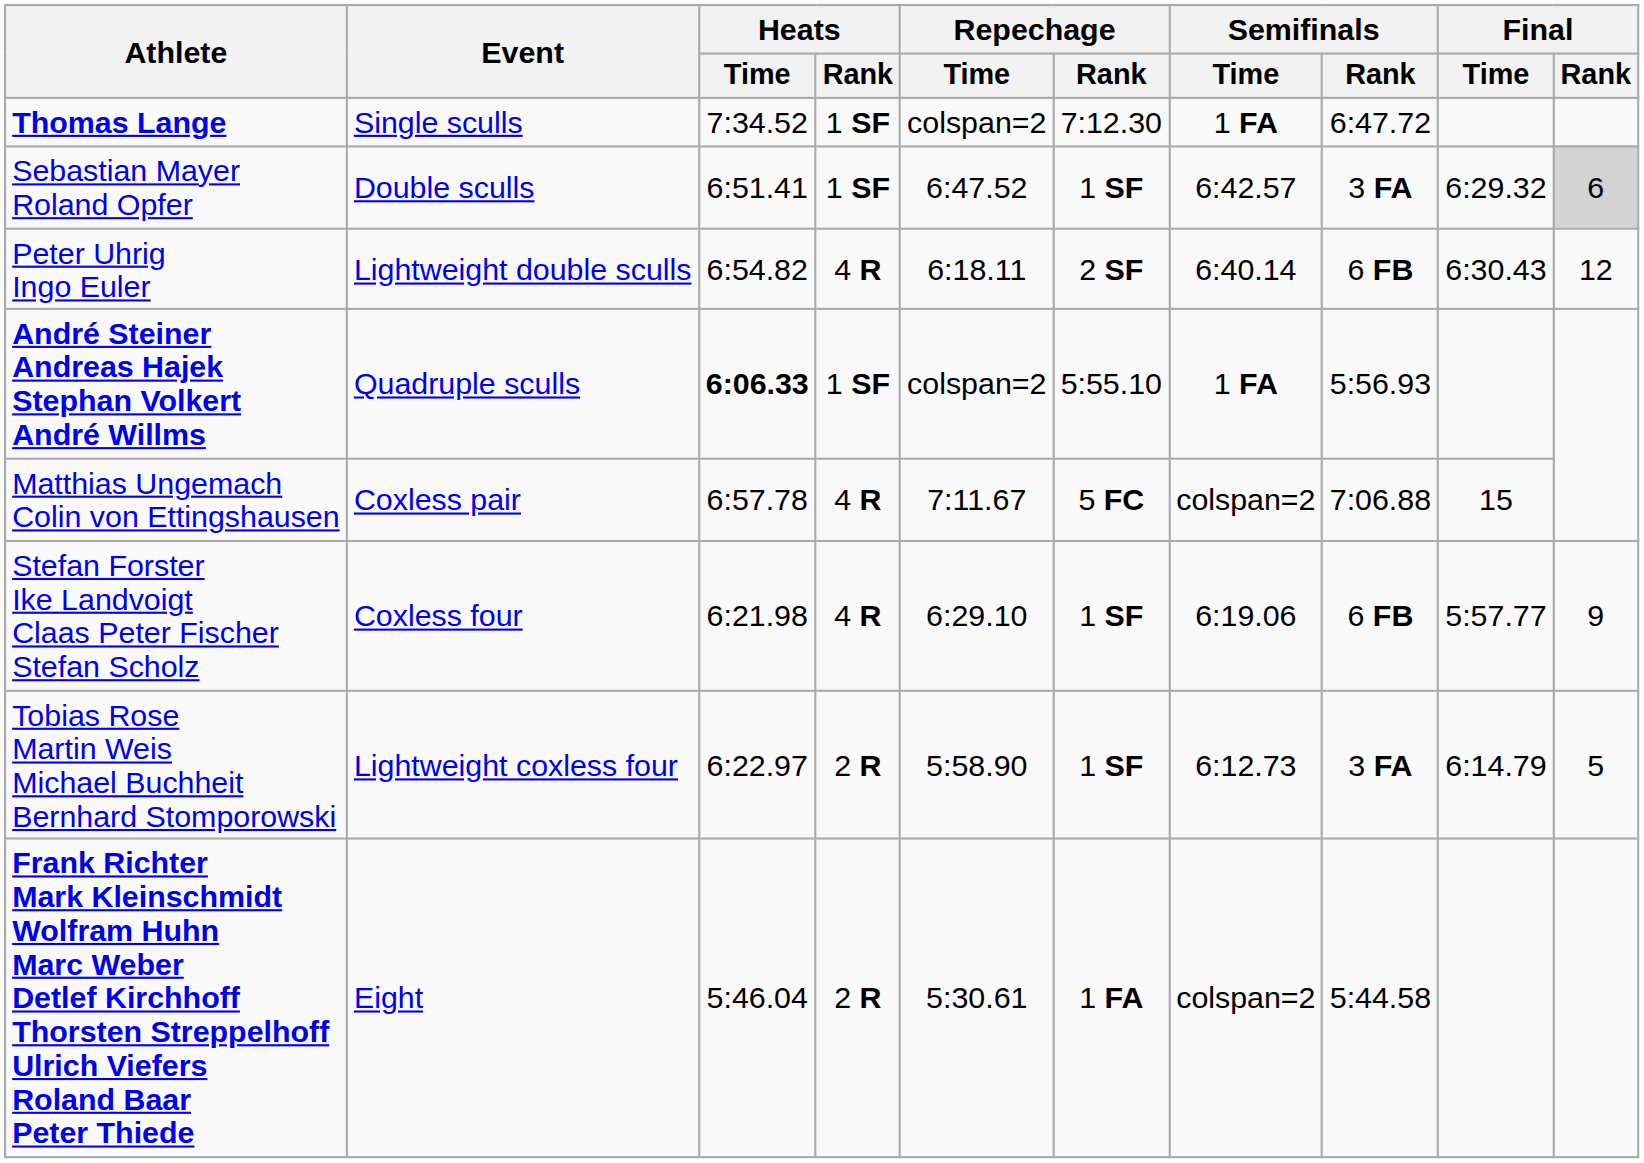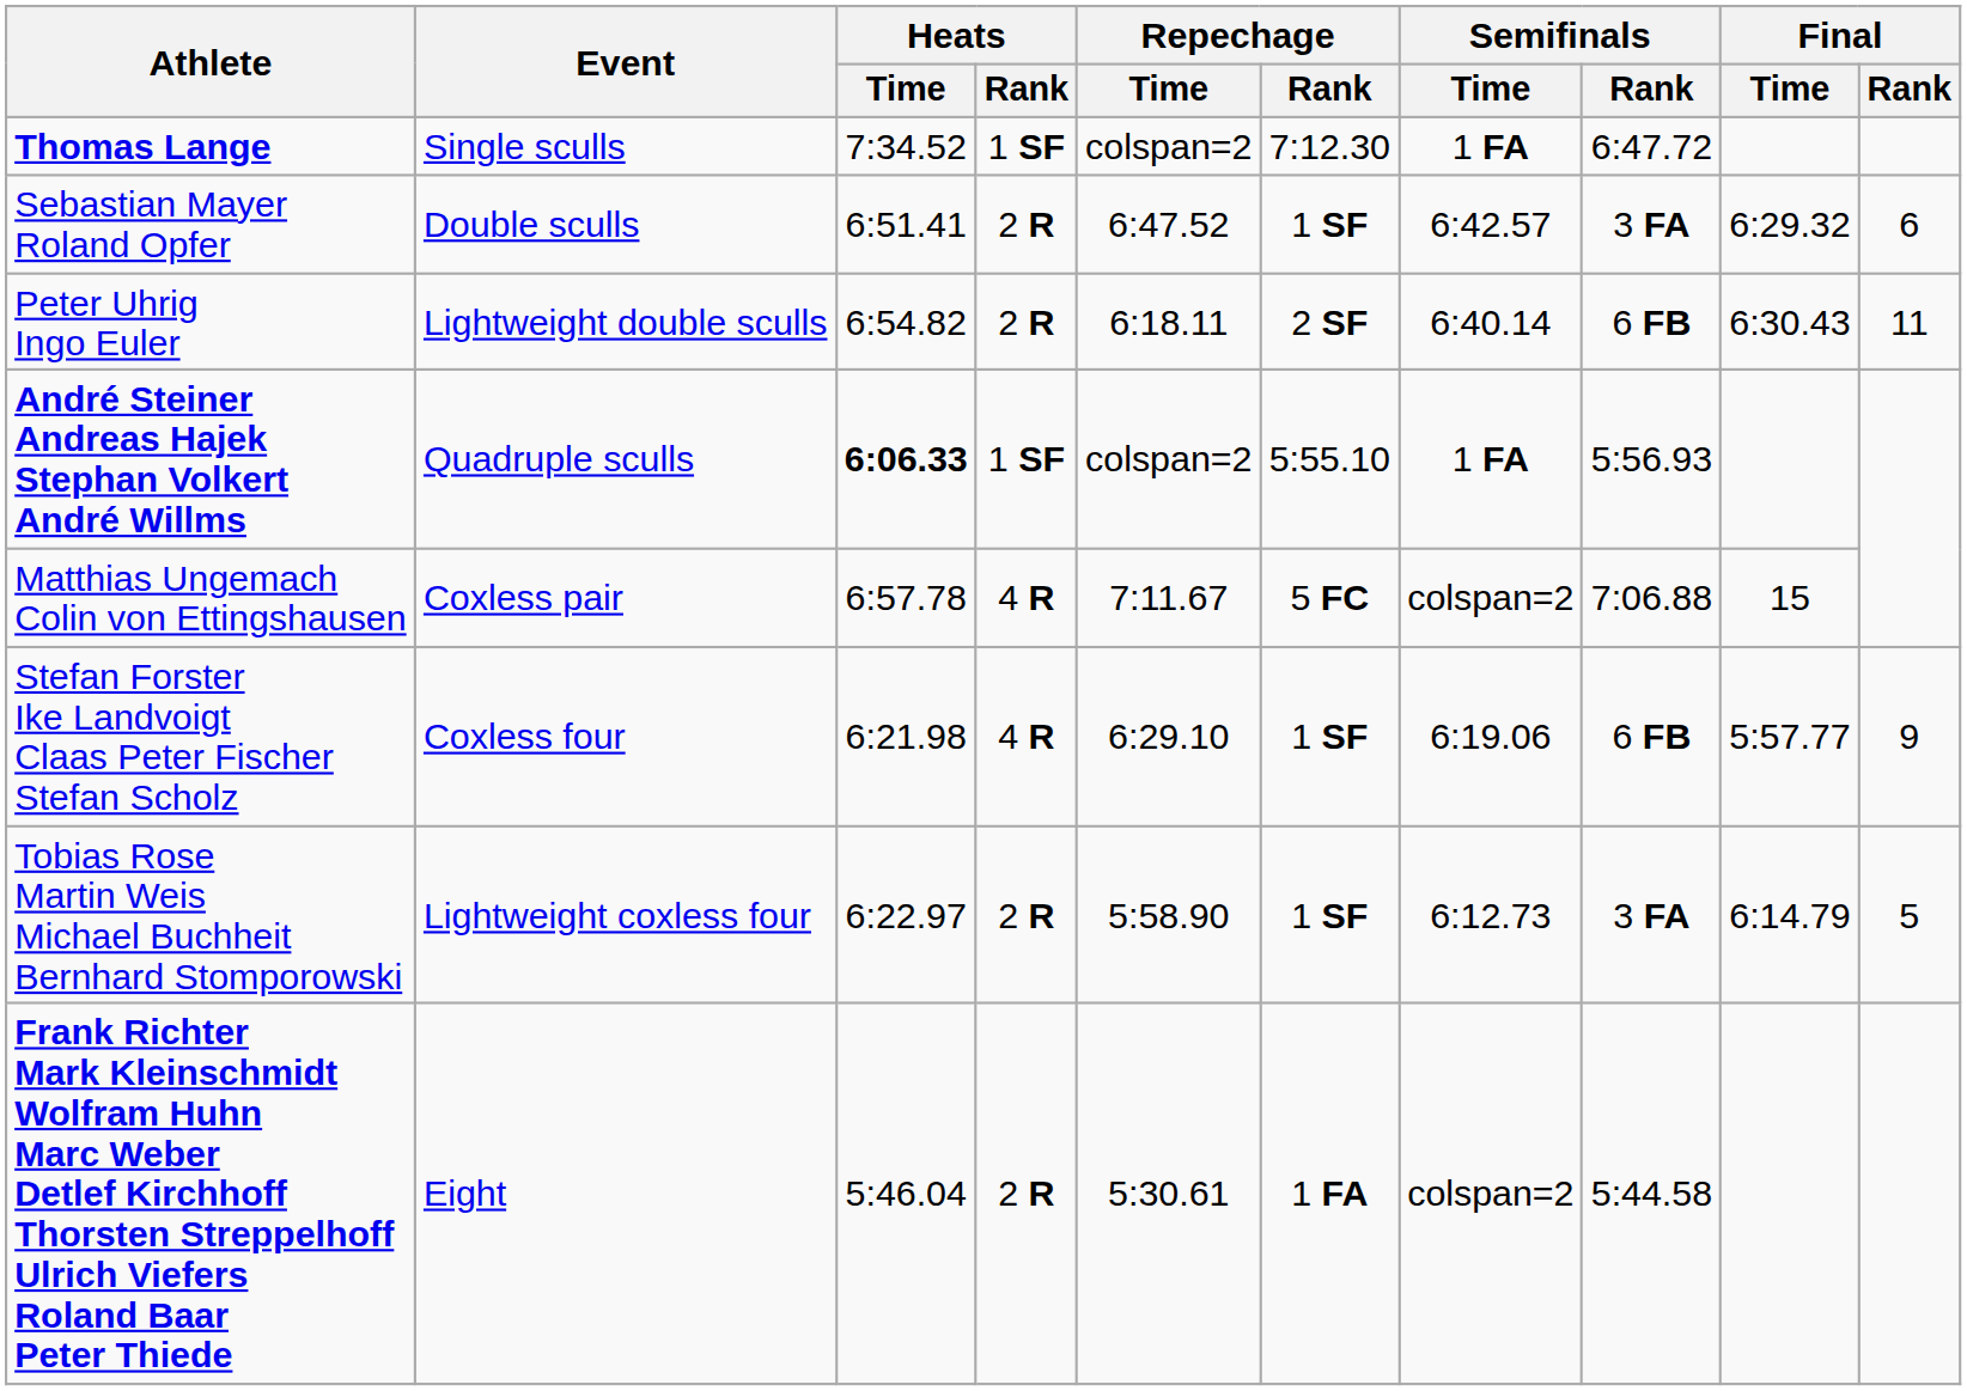 <table class="wikitable" style="font-size:90%">
 <tr>
 <th rowspan="2">Athlete</th>
 <th rowspan="2">Event</th>
 <th colspan="2">Heats</th>
 <th colspan="2">Repechage</th>
 <th colspan="2">Semifinals</th>
 <th colspan="2">Final</th>
 </tr>
 <tr style="font-size:95%">
 <th>Time</th>
 <th>Rank</th>
 <th>Time</th>
 <th>Rank</th>
 <th>Time</th>
 <th>Rank</th>
 <th>Time</th>
 <th>Rank</th>
 </tr>
 <tr align=center>
 <td align=left><strong><a href='#'>Thomas Lange</a></strong></td>
 <td align=left><a href='#'>Single sculls</a></td>
 <td>7:34.52</td>
 <td>1 <strong>SF</strong></td>
 <td>colspan=2</td>
 <td>7:12.30</td>
 <td>1 <strong>FA</strong></td>
 <td>6:47.72</td>
 <td></td>
 </tr>
 <tr align=center>
 <td align=left><a href='#'>Sebastian Mayer</a><br><a href='#'>Roland Opfer</a></td>
 <td align=left><a href='#'>Double sculls</a></td>
 <td>6:51.41</td>
-<td>1 <strong>SF</strong></td>
+<td>2 <strong>R</strong></td>
 <td>6:47.52</td>
 <td>1 <strong>SF</strong></td>
 <td>6:42.57</td>
 <td>3 <strong>FA</strong></td>
 <td>6:29.32</td>
-<td style="background: lightgrey;">6</td>
+<td>6</td>
 </tr>
 <tr align=center>
 <td align=left><a href='#'>Peter Uhrig</a><br><a href='#'>Ingo Euler</a></td>
 <td align=left><a href='#'>Lightweight double sculls</a></td>
 <td>6:54.82</td>
-<td>4 <strong>R</strong></td>
+<td>2 <strong>R</strong></td>
 <td>6:18.11</td>
 <td>2 <strong>SF</strong></td>
 <td>6:40.14</td>
 <td>6 <strong>FB</strong></td>
 <td>6:30.43</td>
-<td>12</td>
+<td>11</td>
 </tr>
 <tr align=center>
 <td align=left><strong><a href='#'>André Steiner</a><br><a href='#'>Andreas Hajek</a><br><a href='#'>Stephan Volkert</a><br><a href='#'>André Willms</a></strong></td>
 <td align=left><a href='#'>Quadruple sculls</a></td>
 <td><strong>6:06.33</strong></td>
 <td>1 <strong>SF</strong></td>
 <td>colspan=2</td>
 <td>5:55.10</td>
 <td>1 <strong>FA</strong></td>
 <td>5:56.93</td>
 <td></td>
 </tr>
 <tr align=center>
 <td align=left><a href='#'>Matthias Ungemach</a><br><a href='#'>Colin von Ettingshausen</a></td>
 <td align=left><a href='#'>Coxless pair</a></td>
 <td>6:57.78</td>
 <td>4 <strong>R</strong></td>
 <td>7:11.67</td>
 <td>5 <strong>FC</strong></td>
 <td>colspan=2</td>
 <td>7:06.88</td>
 <td>15</td>
 </tr>
 <tr align=center>
 <td align=left><a href='#'>Stefan Forster</a><br><a href='#'>Ike Landvoigt</a><br><a href='#'>Claas Peter Fischer</a><br><a href='#'>Stefan Scholz</a></td>
 <td align=left><a href='#'>Coxless four</a></td>
 <td>6:21.98</td>
 <td>4 <strong>R</strong></td>
 <td>6:29.10</td>
 <td>1 <strong>SF</strong></td>
 <td>6:19.06</td>
 <td>6 <strong>FB</strong></td>
 <td>5:57.77</td>
 <td>9</td>
 </tr>
 <tr align=center>
 <td align=left><a href='#'>Tobias Rose</a><br><a href='#'>Martin Weis</a><br><a href='#'>Michael Buchheit</a><br><a href='#'>Bernhard Stomporowski</a></td>
 <td align=left><a href='#'>Lightweight coxless four</a></td>
 <td>6:22.97</td>
 <td>2 <strong>R</strong></td>
 <td>5:58.90</td>
 <td>1 <strong>SF</strong></td>
 <td>6:12.73</td>
 <td>3 <strong>FA</strong></td>
 <td>6:14.79</td>
 <td>5</td>
 </tr>
 <tr align=center>
 <td align=left><strong><a href='#'>Frank Richter</a><br><a href='#'>Mark Kleinschmidt</a><br><a href='#'>Wolfram Huhn</a><br><a href='#'>Marc Weber</a><br><a href='#'>Detlef Kirchhoff</a><br><a href='#'>Thorsten Streppelhoff</a><br><a href='#'>Ulrich Viefers</a><br><a href='#'>Roland Baar</a><br><a href='#'>Peter Thiede</a></strong></td>
 <td align=left><a href='#'>Eight</a></td>
 <td>5:46.04</td>
 <td>2 <strong>R</strong></td>
 <td>5:30.61</td>
 <td>1 <strong>FA</strong></td>
 <td>colspan=2</td>
 <td>5:44.58</td>
 <td></td>
 </tr>
 </table>
